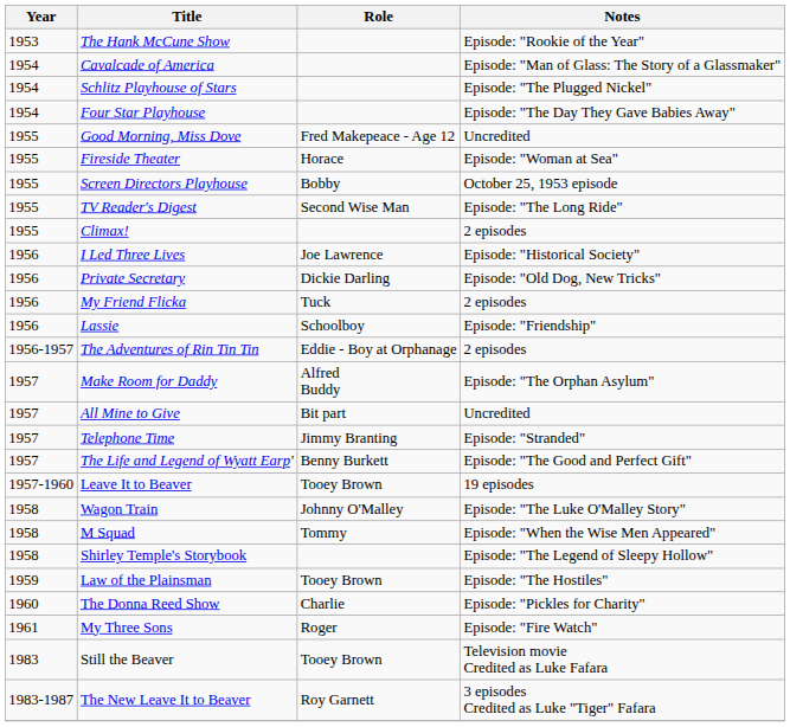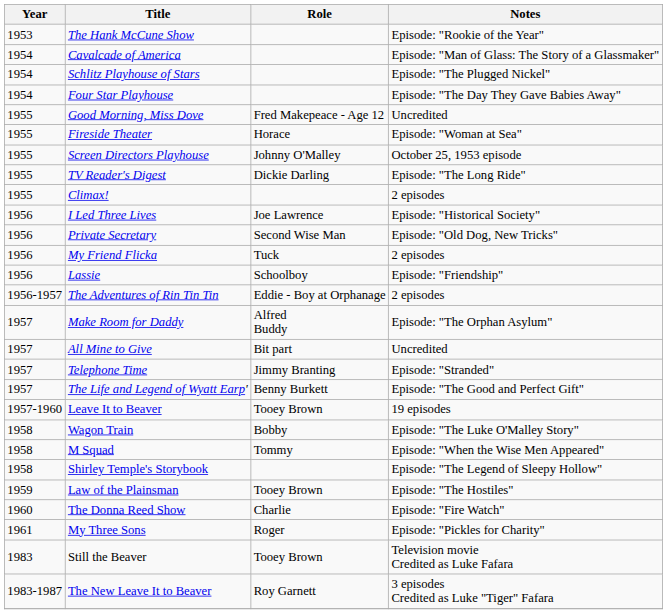 <table class="wikitable sortable">
 <tr>
 <th>Year</th>
 <th>Title</th>
 <th>Role</th>
 <th class="unsortable">Notes</th>
 </tr>
 <tr>
 <td>1953</td>
 <td><em><a href='#'>The Hank McCune Show</a></em></td>
 <td></td>
 <td>Episode: "Rookie of the Year"</td>
 </tr>
 <tr>
 <td>1954</td>
 <td><em><a href='#'>Cavalcade of America</a></em></td>
 <td></td>
 <td>Episode: "Man of Glass: The Story of a Glassmaker"</td>
 </tr>
 <tr>
 <td>1954</td>
 <td><em><a href='#'>Schlitz Playhouse of Stars</a></em></td>
 <td></td>
 <td>Episode: "The Plugged Nickel"</td>
 </tr>
 <tr>
 <td>1954</td>
 <td><em><a href='#'>Four Star Playhouse</a></em></td>
 <td></td>
 <td>Episode: "The Day They Gave Babies Away"</td>
 </tr>
 <tr>
 <td>1955</td>
 <td><em><a href='#'>Good Morning, Miss Dove</a></em></td>
 <td>Fred Makepeace - Age 12</td>
 <td>Uncredited</td>
 </tr>
 <tr>
 <td>1955</td>
 <td><em><a href='#'>Fireside Theater</a></em></td>
 <td>Horace</td>
 <td>Episode: "Woman at Sea"</td>
 </tr>
 <tr>
 <td>1955</td>
 <td><em><a href='#'>Screen Directors Playhouse</a></em></td>
-<td>Bobby</td>
+<td>Johnny O'Malley</td>
 <td>October 25, 1953 episode</td>
 </tr>
 <tr>
 <td>1955</td>
 <td><em><a href='#'>TV Reader's Digest</a></em></td>
-<td>Second Wise Man</td>
+<td>Dickie Darling</td>
 <td>Episode: "The Long Ride"</td>
 </tr>
 <tr>
 <td>1955</td>
 <td><em><a href='#'>Climax!</a></em></td>
 <td></td>
 <td>2 episodes</td>
 </tr>
 <tr>
 <td>1956</td>
 <td><em><a href='#'>I Led Three Lives</a></em></td>
 <td>Joe Lawrence</td>
 <td>Episode: "Historical Society"</td>
 </tr>
 <tr>
 <td>1956</td>
 <td><em><a href='#'>Private Secretary</a></em></td>
-<td>Dickie Darling</td>
+<td>Second Wise Man</td>
 <td>Episode: "Old Dog, New Tricks"</td>
 </tr>
 <tr>
 <td>1956</td>
 <td><em><a href='#'>My Friend Flicka</a></em></td>
 <td>Tuck</td>
 <td>2 episodes</td>
 </tr>
 <tr>
 <td>1956</td>
 <td><em><a href='#'>Lassie</a></em></td>
 <td>Schoolboy</td>
 <td>Episode: "Friendship"</td>
 </tr>
 <tr>
 <td>1956-1957</td>
 <td><em><a href='#'>The Adventures of Rin Tin Tin</a></em></td>
 <td>Eddie - Boy at Orphanage</td>
 <td>2 episodes</td>
 </tr>
 <tr>
 <td>1957</td>
 <td><em><a href='#'>Make Room for Daddy</a></em></td>
 <td>Alfred<br>Buddy</td>
 <td>Episode: "The Orphan Asylum"</td>
 </tr>
 <tr>
 <td>1957</td>
 <td><em><a href='#'>All Mine to Give</a></em></td>
 <td>Bit part</td>
 <td>Uncredited</td>
 </tr>
 <tr>
 <td>1957</td>
 <td><em><a href='#'>Telephone Time</a></em></td>
 <td>Jimmy Branting</td>
 <td>Episode: "Stranded"</td>
 </tr>
 <tr>
 <td>1957</td>
 <td><em><a href='#'>The Life and Legend of Wyatt Earp</a>'</td>
 <td>Benny Burkett</td>
 <td>Episode: "The Good and Perfect Gift"</td>
 </tr>
 <tr>
 <td>1957-1960</td>
 <td></em><a href='#'>Leave It to Beaver</a><em></td>
 <td>Tooey Brown</td>
 <td>19 episodes</td>
 </tr>
 <tr>
 <td>1958</td>
 <td></em><a href='#'>Wagon Train</a><em></td>
-<td>Johnny O'Malley</td>
+<td>Bobby</td>
 <td>Episode: "The Luke O'Malley Story"</td>
 </tr>
 <tr>
 <td>1958</td>
 <td></em><a href='#'>M Squad</a><em></td>
 <td>Tommy</td>
 <td>Episode: "When the Wise Men Appeared"</td>
 </tr>
 <tr>
 <td>1958</td>
 <td></em><a href='#'>Shirley Temple's Storybook</a><em></td>
 <td></td>
 <td>Episode: "The Legend of Sleepy Hollow"</td>
 </tr>
 <tr>
 <td>1959</td>
 <td></em><a href='#'>Law of the Plainsman</a><em></td>
 <td>Tooey Brown</td>
 <td>Episode: "The Hostiles"</td>
 </tr>
 <tr>
 <td>1960</td>
 <td></em><a href='#'>The Donna Reed Show</a><em></td>
 <td>Charlie</td>
-<td>Episode: "Pickles for Charity"</td>
+<td>Episode: "Fire Watch"</td>
 </tr>
 <tr>
 <td>1961</td>
 <td></em><a href='#'>My Three Sons</a><em></td>
 <td>Roger</td>
-<td>Episode: "Fire Watch"</td>
+<td>Episode: "Pickles for Charity"</td>
 </tr>
 <tr>
 <td>1983</td>
 <td></em>Still the Beaver<em></td>
 <td>Tooey Brown</td>
 <td>Television movie<br>Credited as Luke Fafara</td>
 </tr>
 <tr>
 <td>1983-1987</td>
 <td></em><a href='#'>The New Leave It to Beaver</a><em></td>
 <td>Roy Garnett</td>
 <td>3 episodes<br>Credited as Luke "Tiger" Fafara</td>
 </tr>
 <tr>
 </tr>
 </table>
